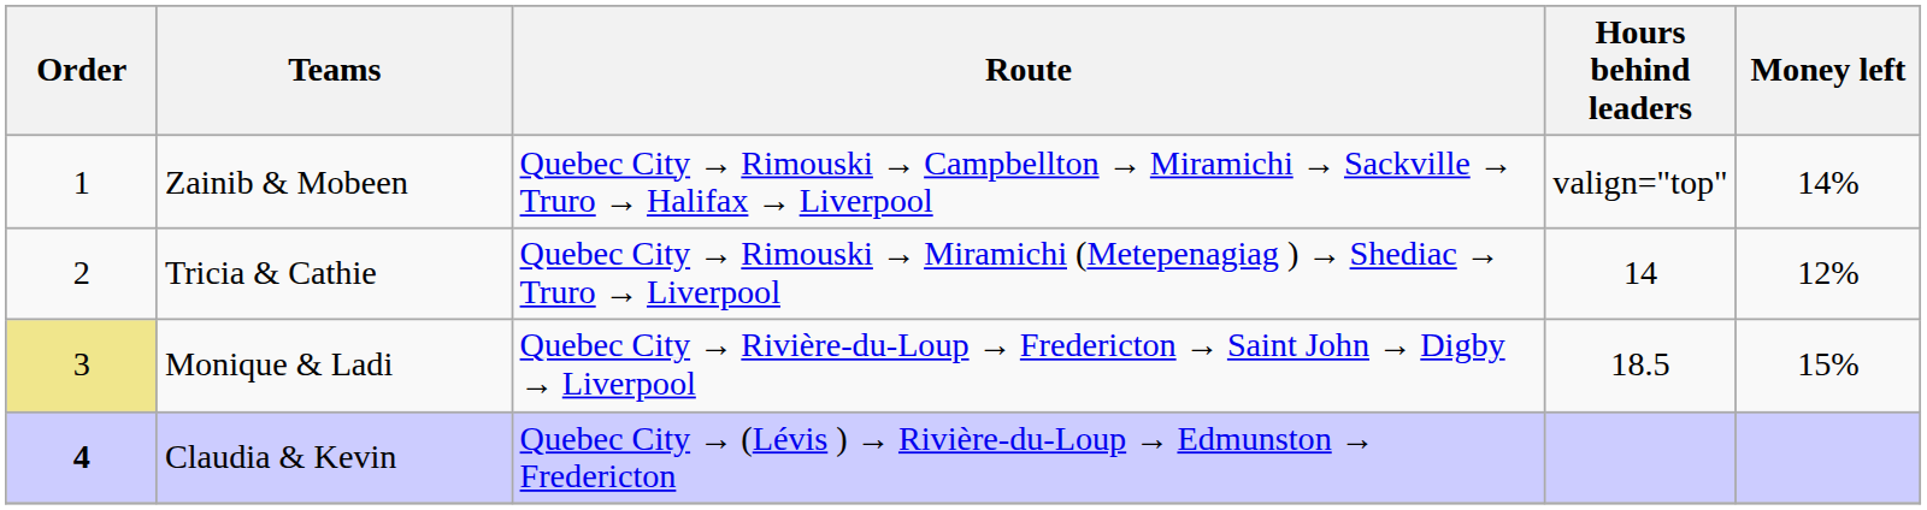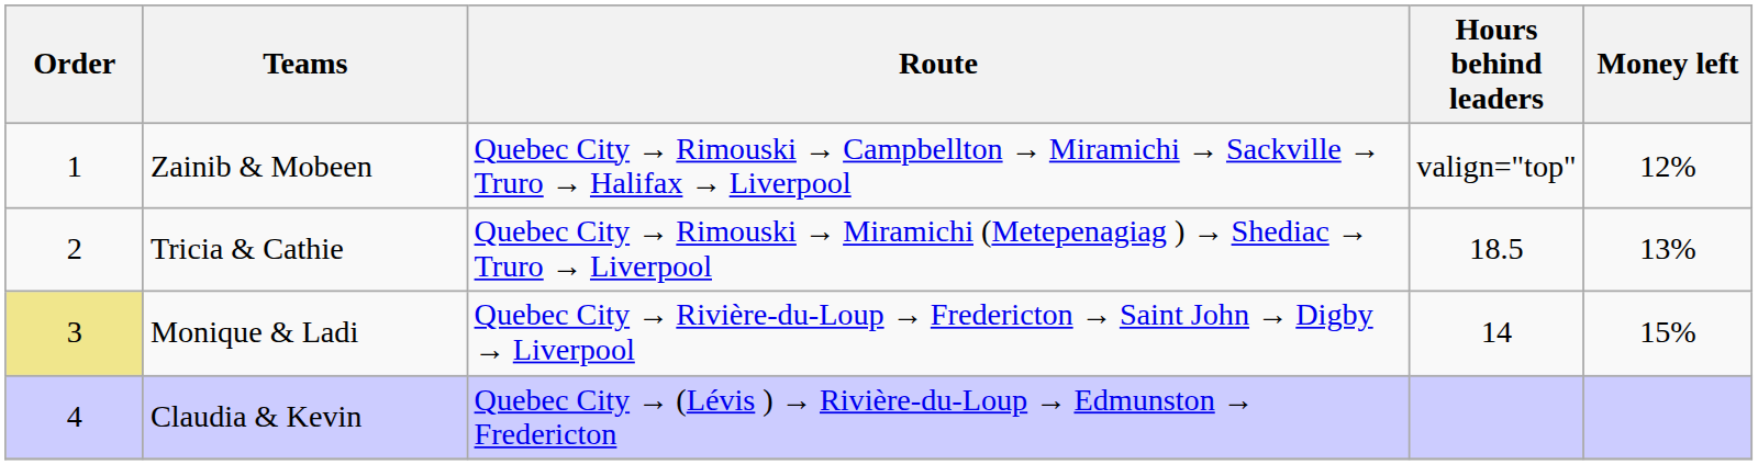 <table class="wikitable sortable" style="text-align:center">
 <tr>
 <th style="width:4em">Order</th>
 <th style="width:10em">Teams</th>
 <th style="width:30em">Route</th>
 <th style="width:5em">Hours behind leaders</th>
 <th style="width:5em">Money left</th>
 </tr>
 <tr>
 <td>1</td>
 <td style="text-align:left">Zainib & Mobeen</td>
 <td style="text-align:left"><a href='#'>Quebec City</a>  → <a href='#'>Rimouski</a>  → <a href='#'>Campbellton</a> → <a href='#'>Miramichi</a>   → <a href='#'>Sackville</a>  → <a href='#'>Truro</a>   → <a href='#'>Halifax</a> → <a href='#'>Liverpool</a></td>
 <td>valign="top" </td>
-<td>14%</td>
+<td>12%</td>
 </tr>
 <tr>
 <td>2</td>
 <td style="text-align:left">Tricia & Cathie</td>
 <td style="text-align:left"><a href='#'>Quebec City</a>  → <a href='#'>Rimouski</a>  → <a href='#'>Miramichi</a> (<a href='#'>Metepenagiag</a> ) → <a href='#'>Shediac</a>   → <a href='#'>Truro</a>  → <a href='#'>Liverpool</a></td>
-<td>14</td>
-<td>12%</td>
+<td>18.5</td>
+<td>13%</td>
 </tr>
 <tr>
 <td style="background: khaki;">3</td>
 <td style="text-align:left">Monique & Ladi</td>
 <td style="text-align:left"><a href='#'>Quebec City</a>  → <a href='#'>Rivière-du-Loup</a>  → <a href='#'>Fredericton</a>   → <a href='#'>Saint John</a>   → <a href='#'>Digby</a>  → <a href='#'>Liverpool</a></td>
-<td>18.5</td>
+<td>14</td>
 <td>15%</td>
 </tr>
 <tr style="background:#ccf">
-<td><strong>4</strong></td>
+<td>4</td>
 <td style="text-align:left">Claudia & Kevin</td>
 <td style="text-align:left"><a href='#'>Quebec City</a>  → (<a href='#'>Lévis</a> )  → <a href='#'>Rivière-du-Loup</a> → <a href='#'>Edmunston</a>  → <a href='#'>Fredericton</a> </td>
 <td></td>
 <td></td>
 </tr>
 <tr>
 </tr>
 </table>
